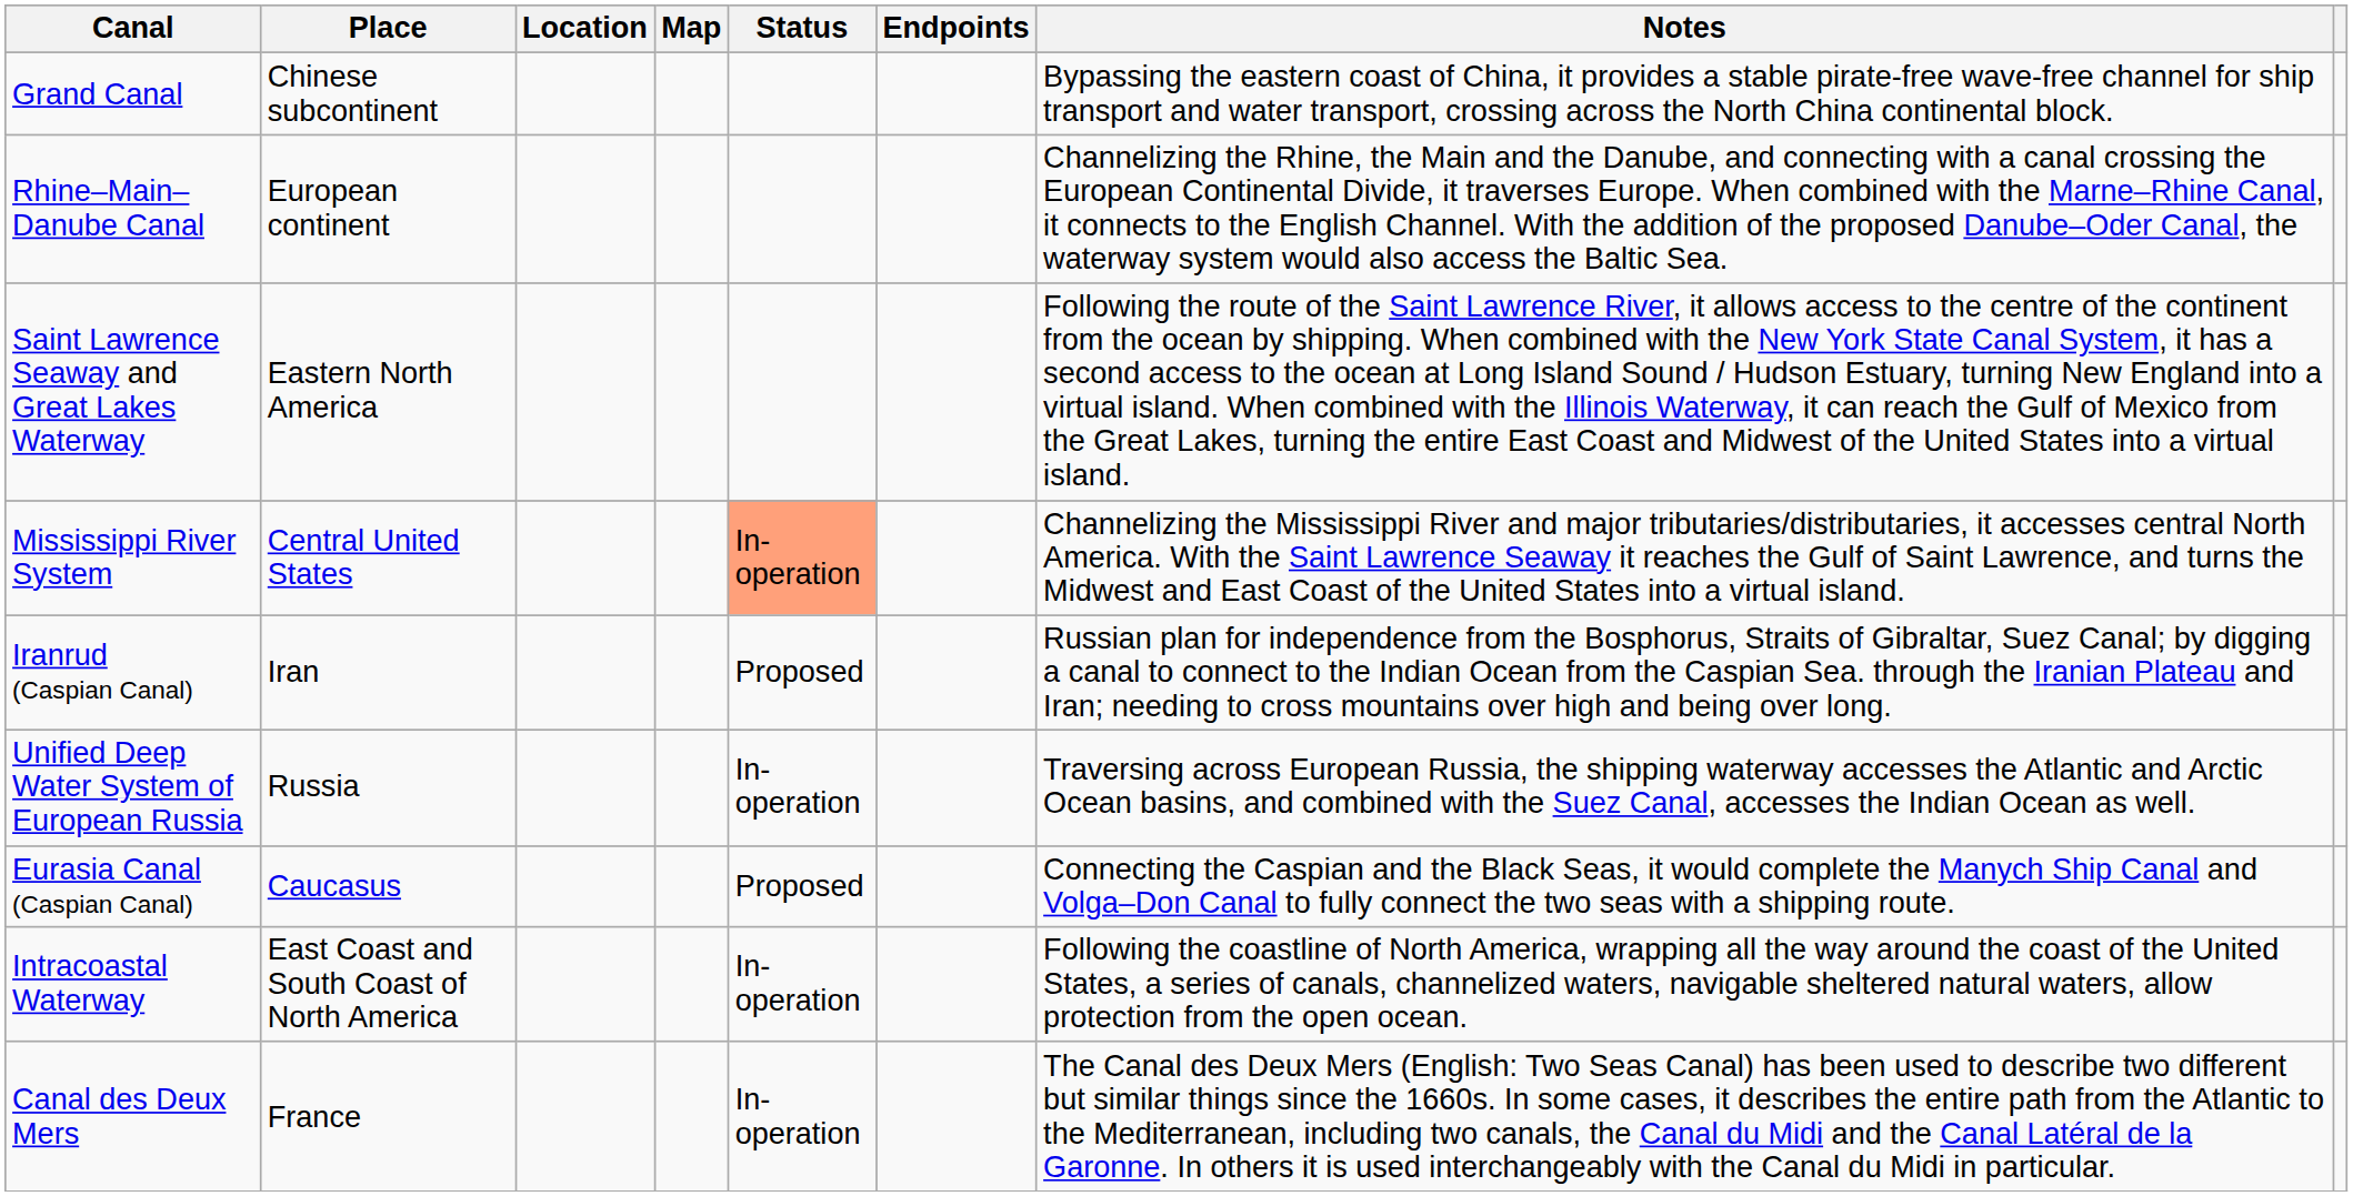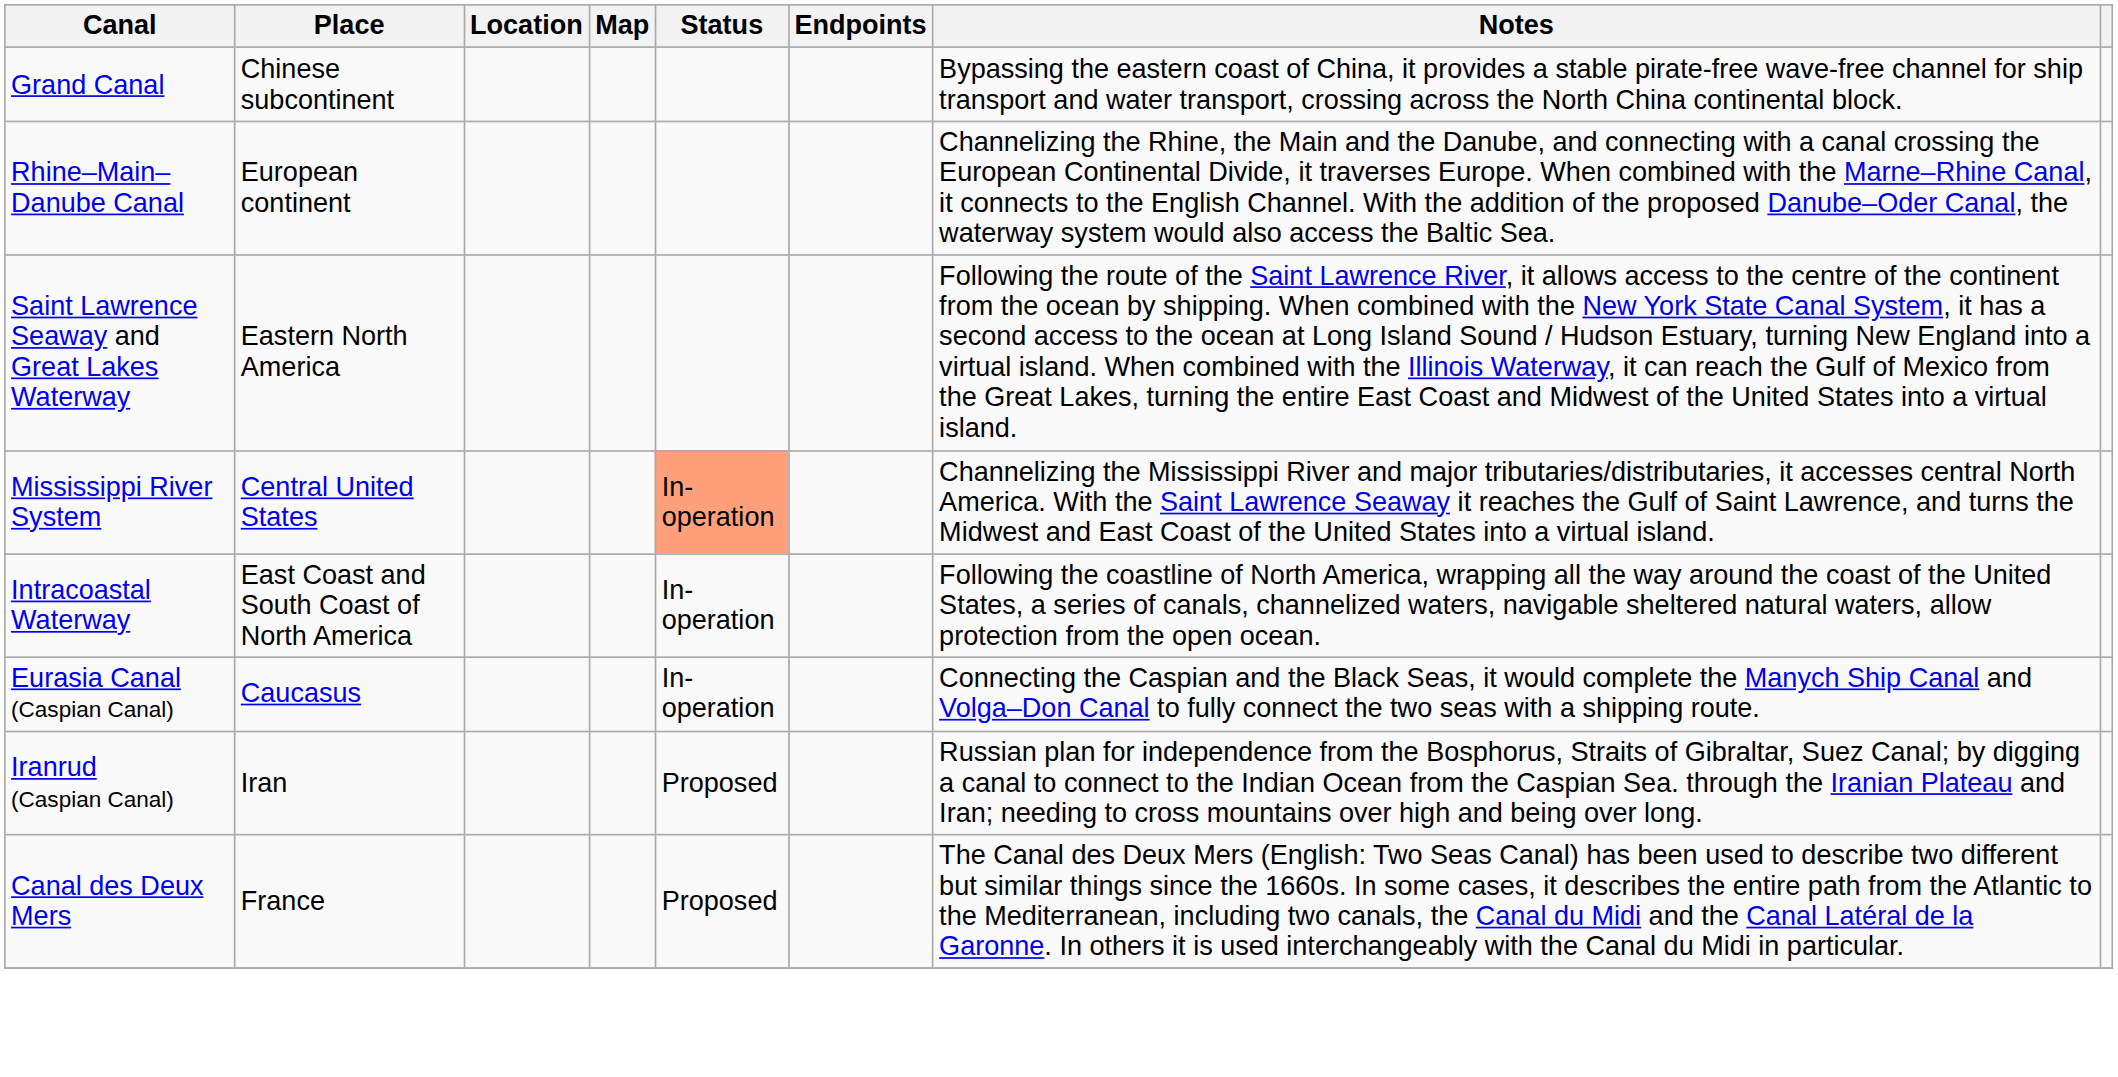 <table class=wikitable>
 <tr>
 <th>Canal</th>
 <th>Place</th>
 <th>Location</th>
 <th>Map</th>
 <th>Status</th>
 <th>Endpoints</th>
 <th>Notes</th>
 <th></th>
 </tr>
 <tr>
 <td><a href='#'>Grand Canal</a></td>
 <td>Chinese subcontinent</td>
 <td></td>
 <td></td>
 <td></td>
 <td></td>
 <td>Bypassing the eastern coast of China, it provides a stable pirate-free wave-free channel for ship transport and water transport, crossing across the North China continental block.</td>
 <td><br>    </td>
 </tr>
 <tr>
 <td><a href='#'>Rhine–Main–Danube Canal</a></td>
 <td>European continent</td>
 <td></td>
 <td></td>
 <td></td>
 <td></td>
 <td>Channelizing the Rhine, the Main and the Danube, and connecting with a canal crossing the European Continental Divide, it traverses Europe. When combined with the <a href='#'>Marne–Rhine Canal</a>, it connects to the English Channel. With the addition of the proposed <a href='#'>Danube–Oder Canal</a>, the waterway system would also access the Baltic Sea.</td>
 <td><br>  </td>
 </tr>
 <tr>
 <td><a href='#'>Saint Lawrence Seaway</a> and <a href='#'>Great Lakes Waterway</a></td>
 <td>Eastern North America</td>
 <td></td>
 <td></td>
 <td></td>
 <td></td>
 <td>Following the route of the <a href='#'>Saint Lawrence River</a>, it allows access to the centre of the continent from the ocean by shipping. When combined with the <a href='#'>New York State Canal System</a>, it has a second access to the ocean at Long Island Sound / Hudson Estuary, turning New England into a virtual island. When combined with the <a href='#'>Illinois Waterway</a>, it can reach the Gulf of Mexico from the Great Lakes, turning the entire East Coast and Midwest of the United States into a virtual island.</td>
 <td><br>  </td>
 </tr>
 <tr>
 <td><a href='#'>Mississippi River System</a></td>
 <td><a href='#'>Central United States</a></td>
 <td></td>
 <td></td>
 <td style="background: lightsalmon;">In-operation</td>
 <td></td>
 <td>Channelizing the Mississippi River and major tributaries/distributaries, it accesses central North America. With the <a href='#'>Saint Lawrence Seaway</a> it reaches the Gulf of Saint Lawrence, and turns the Midwest and East Coast of the United States into a virtual island.</td>
 <td><br></td>
 </tr>
 <tr>
+<td><a href='#'>Intracoastal Waterway</a></td>
+<td>East Coast and South Coast of North America</td>
+<td></td>
+<td></td>
+<td>In-operation</td>
+<td></td>
+<td>Following the coastline of North America, wrapping all the way around the coast of the United States, a series of canals, channelized waters, navigable sheltered natural waters, allow protection from the open ocean.</td>
+<td><br> </td>
+</tr>
+<tr>
+<td><a href='#'>Eurasia Canal</a> <br><small>(Caspian Canal)</small></td>
+<td><a href='#'>Caucasus</a></td>
+<td></td>
+<td></td>
+<td>In-operation</td>
+<td></td>
+<td>Connecting the Caspian and the Black Seas, it would complete the <a href='#'>Manych Ship Canal</a> and <a href='#'>Volga–Don Canal</a> to fully connect the two seas with a shipping route.</td>
+<td><br> </td>
+</tr>
+<tr>
 <td><a href='#'>Iranrud</a> <br><small>(Caspian Canal)</small></td>
 <td>Iran</td>
 <td></td>
 <td></td>
 <td>Proposed</td>
 <td></td>
 <td>Russian plan for independence from the Bosphorus, Straits of Gibraltar, Suez Canal; by digging a canal to connect to the Indian Ocean from the Caspian Sea. through the <a href='#'>Iranian Plateau</a> and Iran; needing to cross mountains over  high and being over  long.</td>
 <td><br></td>
 </tr>
 <tr>
-<td><a href='#'>Unified Deep Water System of European Russia</a></td>
-<td>Russia</td>
-<td></td>
-<td></td>
-<td>In-operation</td>
-<td></td>
-<td>Traversing across European Russia, the shipping waterway accesses the Atlantic and Arctic Ocean basins, and combined with the <a href='#'>Suez Canal</a>, accesses the Indian Ocean as well.</td>
-<td><br> </td>
-</tr>
-<tr>
-<td><a href='#'>Eurasia Canal</a> <br><small>(Caspian Canal)</small></td>
-<td><a href='#'>Caucasus</a></td>
-<td></td>
-<td></td>
-<td>Proposed</td>
-<td></td>
-<td>Connecting the Caspian and the Black Seas, it would complete the <a href='#'>Manych Ship Canal</a> and <a href='#'>Volga–Don Canal</a> to fully connect the two seas with a shipping route.</td>
-<td><br> </td>
-</tr>
-<tr>
-<td><a href='#'>Intracoastal Waterway</a></td>
-<td>East Coast and South Coast of North America</td>
-<td></td>
-<td></td>
-<td>In-operation</td>
-<td></td>
-<td>Following the coastline of North America, wrapping all the way around the coast of the United States, a series of canals, channelized waters, navigable sheltered natural waters, allow protection from the open ocean.</td>
-<td><br> </td>
-</tr>
-<tr>
 <td><a href='#'>Canal des Deux Mers</a></td>
 <td>France</td>
 <td></td>
 <td></td>
-<td>In-operation</td>
+<td>Proposed</td>
 <td></td>
 <td>The Canal des Deux Mers (English: Two Seas Canal) has been used to describe two different but similar things since the 1660s. In some cases, it describes the entire path from the Atlantic to the Mediterranean, including two canals, the <a href='#'>Canal du Midi</a> and the <a href='#'>Canal Latéral de la Garonne</a>. In others it is used interchangeably with the Canal du Midi in particular.</td>
 <td></td>
 </tr>
 <tr>
 </tr>
 </table>
